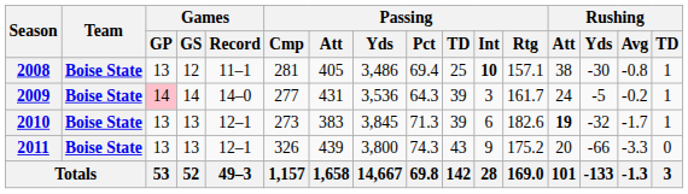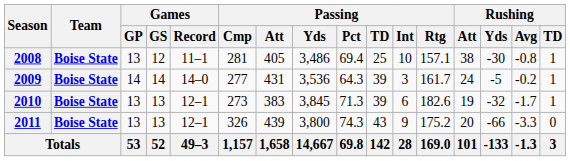 <table class=wikitable style="text-align:center;">
 <tr>
 <th rowspan="2">Season</th>
 <th rowspan="2">Team</th>
 <th colspan="3">Games</th>
 <th colspan="7">Passing</th>
 <th colspan="4">Rushing</th>
 </tr>
 <tr>
 <th>GP</th>
 <th>GS</th>
 <th>Record</th>
 <th>Cmp</th>
 <th>Att</th>
 <th>Yds</th>
 <th>Pct</th>
 <th>TD</th>
 <th>Int</th>
 <th>Rtg</th>
 <th>Att</th>
 <th>Yds</th>
 <th>Avg</th>
 <th>TD</th>
 </tr>
 <tr>
 <th><a href='#'>2008</a></th>
 <th><a href='#'>Boise State</a></th>
 <td>13</td>
 <td>12</td>
 <td>11–1</td>
 <td>281</td>
 <td>405</td>
 <td>3,486</td>
 <td>69.4</td>
 <td>25</td>
-<td><strong>10</strong></td>
+<td>10</td>
 <td>157.1</td>
 <td>38</td>
 <td>-30</td>
 <td>-0.8</td>
 <td>1</td>
 </tr>
 <tr>
 <th><a href='#'>2009</a></th>
 <th><a href='#'>Boise State</a></th>
-<td style="background: pink;">14</td>
+<td>14</td>
 <td>14</td>
 <td>14–0</td>
 <td>277</td>
 <td>431</td>
 <td>3,536</td>
 <td>64.3</td>
 <td>39</td>
 <td>3</td>
 <td>161.7</td>
 <td>24</td>
 <td>-5</td>
 <td>-0.2</td>
 <td>1</td>
 </tr>
 <tr>
 <th><a href='#'>2010</a></th>
 <th><a href='#'>Boise State</a></th>
 <td>13</td>
 <td>13</td>
 <td>12–1</td>
 <td>273</td>
 <td>383</td>
 <td>3,845</td>
 <td>71.3</td>
 <td>39</td>
 <td>6</td>
 <td>182.6</td>
-<td><strong>19</strong></td>
+<td>19</td>
 <td>-32</td>
 <td>-1.7</td>
 <td>1</td>
 </tr>
 <tr>
 <th><a href='#'>2011</a></th>
 <th><a href='#'>Boise State</a></th>
 <td>13</td>
 <td>13</td>
 <td>12–1</td>
 <td>326</td>
 <td>439</td>
 <td>3,800</td>
 <td>74.3</td>
 <td>43</td>
 <td>9</td>
 <td>175.2</td>
 <td>20</td>
 <td>-66</td>
 <td>-3.3</td>
 <td>0</td>
 </tr>
 <tr>
 <th colspan="2">Totals</th>
 <th>53</th>
 <th>52</th>
 <th>49–3</th>
 <th>1,157</th>
 <th>1,658</th>
 <th>14,667</th>
 <th>69.8</th>
 <th>142</th>
 <th>28</th>
 <th>169.0</th>
 <th>101</th>
 <th>-133</th>
 <th>-1.3</th>
 <th>3</th>
 </tr>
 </table>
